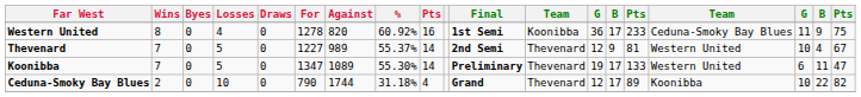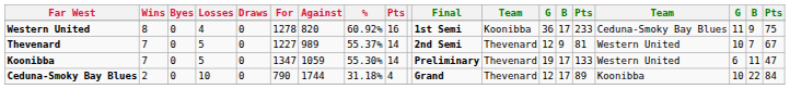 <table class="wikitable">
 <tr>
 <th style="color:crimson">Far West</th>
 <th style="color:crimson">Wins</th>
 <th style="color:crimson">Byes</th>
 <th style="color:crimson">Losses</th>
 <th style="color:crimson">Draws</th>
 <th style="color:crimson">For</th>
 <th style="color:crimson">Against</th>
 <th style="color:crimson">%</th>
 <th style="color:crimson">Pts</th>
 <th></th>
 <th style="color:green">Final</th>
 <th style="color:green">Team</th>
 <th style="color:green">G</th>
 <th style="color:green">B</th>
 <th style="color:green">Pts</th>
 <th style="color:green">Team</th>
 <th style="color:green">G</th>
 <th style="color:green">B</th>
 <th style="color:green">Pts</th>
 </tr>
 <tr>
 </tr>
 <tr>
 </tr>
 <tr>
 <td><strong>	Western United	</strong></td>
 <td>8</td>
 <td>0</td>
 <td>4</td>
 <td>0</td>
 <td>1278</td>
 <td>820</td>
 <td>60.92%</td>
 <td>16</td>
 <td></td>
 <td><strong>1st Semi</strong></td>
 <td>Koonibba</td>
 <td>36</td>
 <td>17</td>
 <td>233</td>
 <td>Ceduna-Smoky Bay Blues</td>
 <td>11</td>
 <td>9</td>
 <td>75</td>
 </tr>
 <tr>
 <td><strong>	Thevenard	</strong></td>
 <td>7</td>
 <td>0</td>
 <td>5</td>
 <td>0</td>
 <td>1227</td>
 <td>989</td>
 <td>55.37%</td>
 <td>14</td>
 <td></td>
 <td><strong>2nd Semi</strong></td>
 <td>Thevenard</td>
 <td>12</td>
 <td>9</td>
 <td>81</td>
 <td>Western United</td>
 <td>10</td>
-<td>4</td>
+<td>7</td>
 <td>67</td>
 </tr>
 <tr>
 <td><strong>	Koonibba	</strong></td>
 <td>7</td>
 <td>0</td>
 <td>5</td>
 <td>0</td>
 <td>1347</td>
-<td>1089</td>
+<td>1059</td>
 <td>55.30%</td>
 <td>14</td>
 <td></td>
 <td><strong>Preliminary</strong></td>
 <td>Thevenard</td>
 <td>19</td>
 <td>17</td>
 <td>133</td>
 <td>Western United</td>
 <td>6</td>
 <td>11</td>
 <td>47</td>
 </tr>
 <tr>
 <td><strong>	Ceduna-Smoky Bay Blues	</strong></td>
 <td>2</td>
 <td>0</td>
 <td>10</td>
 <td>0</td>
 <td>790</td>
 <td>1744</td>
 <td>31.18%</td>
 <td>4</td>
 <td></td>
 <td><strong>Grand</strong></td>
 <td>Thevenard</td>
 <td>12</td>
 <td>17</td>
 <td>89</td>
 <td>Koonibba</td>
 <td>10</td>
 <td>22</td>
-<td>82</td>
+<td>84</td>
 </tr>
 <tr>
 </tr>
 </table>
